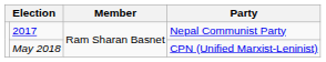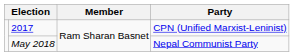 <table class="wikitable">
 <tr>
 <th colspan="2">Election</th>
 <th>Member</th>
 <th>Party</th>
 </tr>
 <tr>
 <td rowspan="2" style="background-color:"></td>
 <td><a href='#'>2017</a></td>
 <td rowspan="2">Ram Sharan Basnet</td>
-<td><a href='#'>Nepal Communist Party</a></td>
+<td><a href='#'>CPN (Unified Marxist-Leninist)</a></td>
 </tr>
 <tr>
 <td><em>May 2018</em></td>
-<td><a href='#'>CPN (Unified Marxist-Leninist)</a></td>
+<td><a href='#'>Nepal Communist Party</a></td>
 </tr>
 </table>
